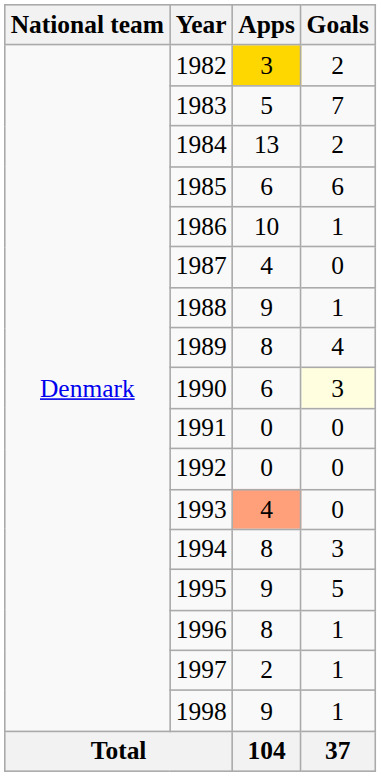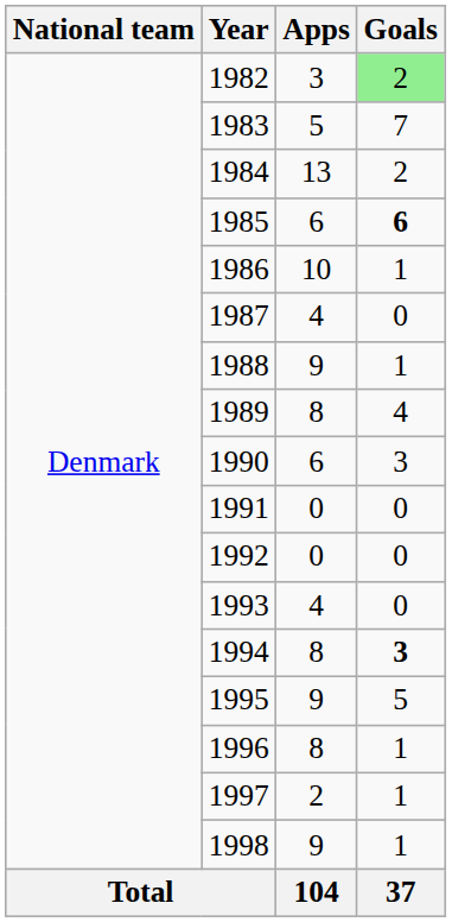 <table class="wikitable" style="text-align:center">
 <tr>
 <th>National team</th>
 <th>Year</th>
 <th>Apps</th>
 <th>Goals</th>
 </tr>
 <tr>
 <td rowspan="17"><a href='#'>Denmark</a></td>
 <td>1982</td>
-<td style="background: gold;">3</td>
-<td>2</td>
+<td>3</td>
+<td style="background: lightgreen;">2</td>
 </tr>
 <tr>
 <td>1983</td>
 <td>5</td>
 <td>7</td>
 </tr>
 <tr>
 <td>1984</td>
 <td>13</td>
 <td>2</td>
 </tr>
 <tr>
 <td>1985</td>
 <td>6</td>
-<td>6</td>
+<td><strong>6</strong></td>
 </tr>
 <tr>
 <td>1986</td>
 <td>10</td>
 <td>1</td>
 </tr>
 <tr>
 <td>1987</td>
 <td>4</td>
 <td>0</td>
 </tr>
 <tr>
 <td>1988</td>
 <td>9</td>
 <td>1</td>
 </tr>
 <tr>
 <td>1989</td>
 <td>8</td>
 <td>4</td>
 </tr>
 <tr>
 <td>1990</td>
 <td>6</td>
-<td style="background: lightyellow;">3</td>
+<td>3</td>
 </tr>
 <tr>
 <td>1991</td>
 <td>0</td>
 <td>0</td>
 </tr>
 <tr>
 <td>1992</td>
 <td>0</td>
 <td>0</td>
 </tr>
 <tr>
 <td>1993</td>
-<td style="background: lightsalmon;">4</td>
+<td>4</td>
 <td>0</td>
 </tr>
 <tr>
 <td>1994</td>
 <td>8</td>
-<td>3</td>
+<td><strong>3</strong></td>
 </tr>
 <tr>
 <td>1995</td>
 <td>9</td>
 <td>5</td>
 </tr>
 <tr>
 <td>1996</td>
 <td>8</td>
 <td>1</td>
 </tr>
 <tr>
 <td>1997</td>
 <td>2</td>
 <td>1</td>
 </tr>
 <tr>
 <td>1998</td>
 <td>9</td>
 <td>1</td>
 </tr>
 <tr>
 <th colspan="2">Total</th>
 <th>104</th>
 <th>37</th>
 </tr>
 </table>
